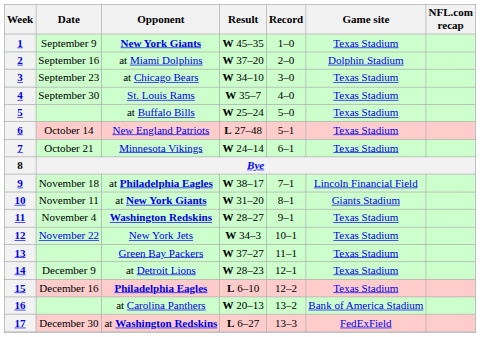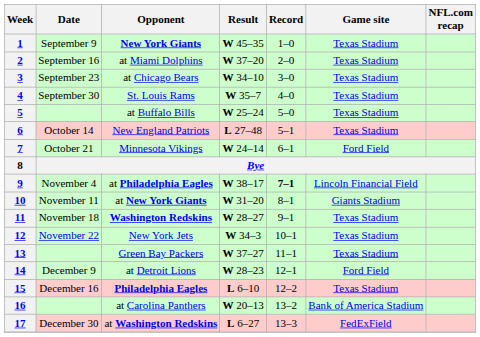 <table class="wikitable" style="text-align:center">
 <tr>
 <th>Week</th>
 <th>Date</th>
 <th>Opponent</th>
 <th>Result</th>
 <th>Record</th>
 <th>Game site</th>
 <th>NFL.com<br>recap</th>
 </tr>
 <tr style="background: #cfc;">
 <th><a href='#'>1</a></th>
 <td>September 9</td>
 <td><strong><a href='#'>New York Giants</a></strong></td>
 <td><strong>W</strong> 45–35</td>
 <td>1–0</td>
 <td><a href='#'>Texas Stadium</a></td>
 <td></td>
 </tr>
 <tr style="background: #cfc;">
 <th><a href='#'>2</a></th>
 <td>September 16</td>
 <td>at <a href='#'>Miami Dolphins</a></td>
 <td><strong>W</strong> 37–20</td>
 <td>2–0</td>
-<td><a href='#'>Dolphin Stadium</a></td>
+<td><a href='#'>Texas Stadium</a></td>
 <td></td>
 </tr>
 <tr style="background: #cfc;">
 <th><a href='#'>3</a></th>
 <td>September 23</td>
 <td>at <a href='#'>Chicago Bears</a></td>
 <td><strong>W</strong> 34–10</td>
 <td>3–0</td>
 <td><a href='#'>Texas Stadium</a></td>
 <td></td>
 </tr>
 <tr style="background: #cfc;">
 <th><a href='#'>4</a></th>
 <td>September 30</td>
 <td><a href='#'>St. Louis Rams</a></td>
 <td><strong>W</strong> 35–7</td>
 <td>4–0</td>
 <td><a href='#'>Texas Stadium</a></td>
 <td></td>
 </tr>
 <tr style="background: #cfc;">
 <th><a href='#'>5</a></th>
 <td></td>
 <td>at <a href='#'>Buffalo Bills</a></td>
 <td><strong>W</strong> 25–24</td>
 <td>5–0</td>
 <td><a href='#'>Texas Stadium</a></td>
 <td></td>
 </tr>
 <tr style="background: #fcc">
 <th><a href='#'>6</a></th>
 <td>October 14</td>
 <td><a href='#'>New England Patriots</a></td>
 <td><strong>L</strong> 27–48</td>
 <td>5–1</td>
 <td><a href='#'>Texas Stadium</a></td>
 <td></td>
 </tr>
 <tr style="background: #cfc;">
 <th><a href='#'>7</a></th>
 <td>October 21</td>
 <td><a href='#'>Minnesota Vikings</a></td>
 <td><strong>W</strong> 24–14</td>
 <td>6–1</td>
-<td><a href='#'>Texas Stadium</a></td>
+<td><a href='#'>Ford Field</a></td>
 <td></td>
 </tr>
 <tr>
 <th>8</th>
 <th colSpan=7 align="center"><em><a href='#'>Bye</a></em></th>
 </tr>
 <tr style="background: #cfc;">
 <th><a href='#'>9</a></th>
-<td>November 18</td>
+<td>November 4</td>
 <td>at <strong><a href='#'>Philadelphia Eagles</a></strong></td>
 <td><strong>W</strong> 38–17</td>
-<td>7–1</td>
+<td><strong>7–1</strong></td>
 <td><a href='#'>Lincoln Financial Field</a></td>
 <td></td>
 </tr>
 <tr style="background: #cfc;">
 <th><a href='#'>10</a></th>
 <td>November 11</td>
 <td>at <strong><a href='#'>New York Giants</a></strong></td>
 <td><strong>W</strong> 31–20</td>
 <td>8–1</td>
 <td><a href='#'>Giants Stadium</a></td>
 <td></td>
 </tr>
 <tr style="background: #cfc;">
 <th><a href='#'>11</a></th>
-<td>November 4</td>
+<td>November 18</td>
 <td><strong><a href='#'>Washington Redskins</a></strong></td>
 <td><strong>W</strong> 28–27</td>
 <td>9–1</td>
 <td><a href='#'>Texas Stadium</a></td>
 <td></td>
 </tr>
 <tr style="background: #cfc;">
 <th><a href='#'>12</a></th>
 <td><a href='#'>November 22</a></td>
 <td><a href='#'>New York Jets</a></td>
 <td><strong>W</strong> 34–3</td>
 <td>10–1</td>
 <td><a href='#'>Texas Stadium</a></td>
 <td></td>
 </tr>
 <tr style="background: #cfc;">
 <th><a href='#'>13</a></th>
 <td></td>
 <td><a href='#'>Green Bay Packers</a></td>
 <td><strong>W</strong> 37–27</td>
 <td>11–1</td>
 <td><a href='#'>Texas Stadium</a></td>
 <td></td>
 </tr>
 <tr style="background: #cfc;">
 <th><a href='#'>14</a></th>
 <td>December 9</td>
 <td>at <a href='#'>Detroit Lions</a></td>
 <td><strong>W</strong> 28–23</td>
 <td>12–1</td>
-<td><a href='#'>Texas Stadium</a></td>
+<td><a href='#'>Ford Field</a></td>
 <td></td>
 </tr>
 <tr style="background: #fcc;">
 <th><a href='#'>15</a></th>
 <td>December 16</td>
 <td><strong><a href='#'>Philadelphia Eagles</a></strong></td>
 <td><strong>L</strong> 6–10</td>
 <td>12–2</td>
 <td><a href='#'>Texas Stadium</a></td>
 <td></td>
 </tr>
 <tr style="background: #cfc;">
 <th><a href='#'>16</a></th>
 <td></td>
 <td>at <a href='#'>Carolina Panthers</a></td>
 <td><strong>W</strong> 20–13</td>
 <td>13–2</td>
 <td><a href='#'>Bank of America Stadium</a></td>
 <td></td>
 </tr>
 <tr style="background: #fcc;">
 <th><a href='#'>17</a></th>
 <td>December 30</td>
 <td>at <strong><a href='#'>Washington Redskins</a></strong></td>
 <td><strong>L</strong> 6–27</td>
 <td>13–3</td>
 <td><a href='#'>FedExField</a></td>
 <td></td>
 </tr>
 <tr style="background: #fcc;">
 </tr>
 </table>
